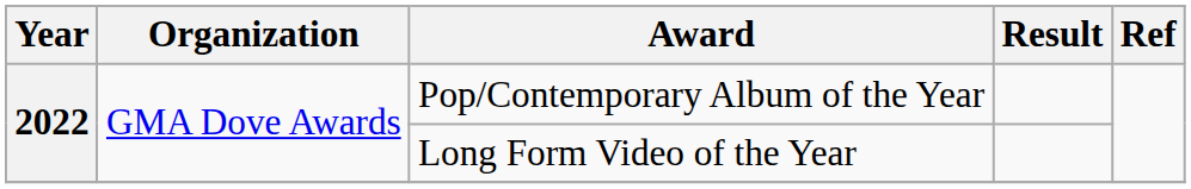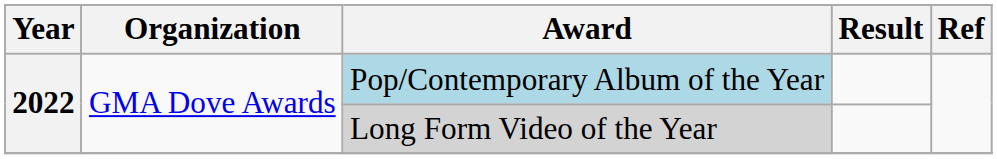 <table class="wikitable plainrowheaders">
 <tr>
 <th>Year</th>
 <th>Organization</th>
 <th>Award</th>
 <th>Result</th>
 <th>Ref</th>
 </tr>
 <tr>
 <th scope="row" rowspan="2">2022</th>
 <td rowspan="2"><a href='#'>GMA Dove Awards</a></td>
-<td>Pop/Contemporary Album of the Year</td>
+<td style="background: lightblue;">Pop/Contemporary Album of the Year</td>
 <td></td>
 <td rowspan="2"></td>
 </tr>
 <tr>
-<td>Long Form Video of the Year<br></td>
+<td style="background: lightgrey;">Long Form Video of the Year<br></td>
 <td></td>
 </tr>
 <tr>
 </tr>
 </table>
